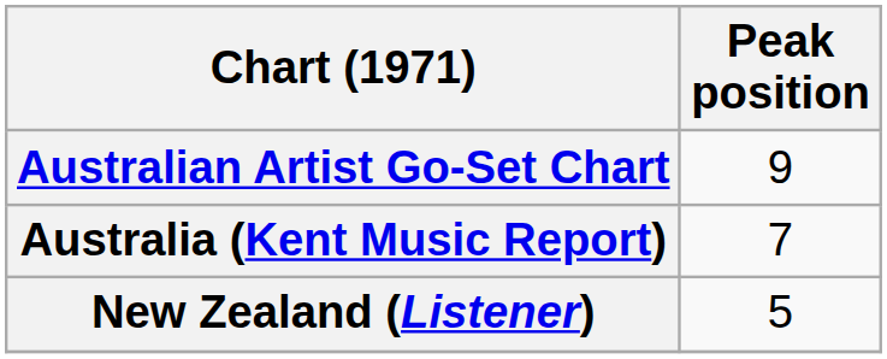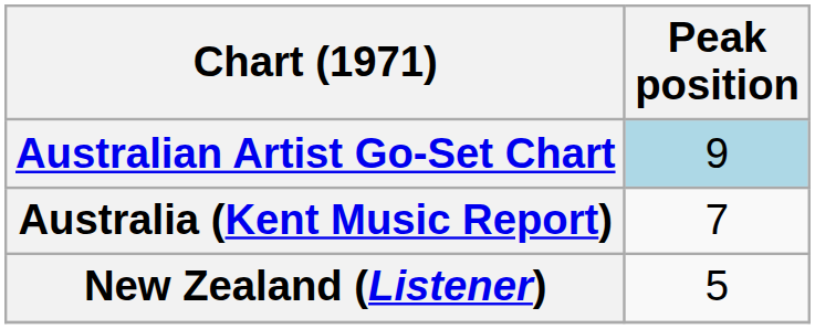 <table class="wikitable sortable plainrowheaders">
 <tr>
 <th scope="col">Chart (1971)</th>
 <th scope="col">Peak<br>position</th>
 </tr>
 <tr>
 <th scope="row"><a href='#'>Australian Artist Go-Set Chart</a></th>
-<td style="text-align:center;">9</td>
+<td style="background: lightblue; text-align:center;">9</td>
 </tr>
 <tr>
 <th scope="row">Australia (<a href='#'>Kent Music Report</a>)</th>
 <td style="text-align:center;">7</td>
 </tr>
 <tr>
 <th scope="row">New Zealand (<em><a href='#'>Listener</a></em>)</th>
 <td style="text-align:center;">5</td>
 </tr>
 <tr>
 </tr>
 </table>
